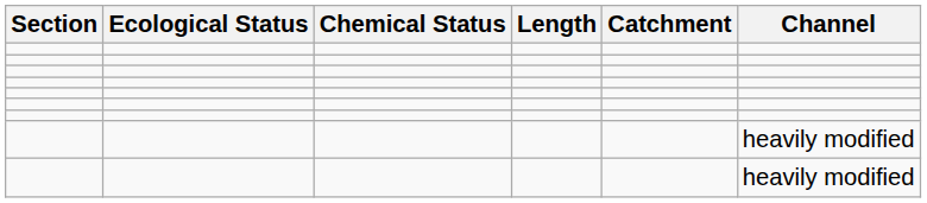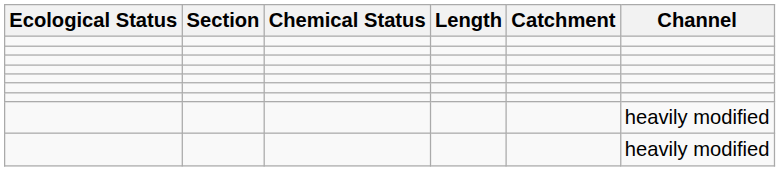 <table class="wikitable">
 <tr>
+<th>Ecological Status</th>
 <th>Section</th>
-<th>Ecological Status</th>
 <th>Chemical Status</th>
 <th>Length</th>
 <th>Catchment</th>
 <th>Channel</th>
 </tr>
 <tr>
 <td></td>
 <td></td>
 <td></td>
 <td></td>
 <td></td>
 <td></td>
 </tr>
 <tr>
 <td></td>
 <td></td>
 <td></td>
 <td></td>
 <td></td>
 <td></td>
 </tr>
 <tr>
 <td></td>
 <td></td>
 <td></td>
 <td></td>
 <td></td>
 <td></td>
 </tr>
 <tr>
 <td></td>
 <td></td>
 <td></td>
 <td></td>
 <td></td>
 <td></td>
 </tr>
 <tr>
 <td></td>
 <td></td>
 <td></td>
 <td></td>
 <td></td>
 <td></td>
 </tr>
 <tr>
 <td></td>
 <td></td>
 <td></td>
 <td></td>
 <td></td>
 <td></td>
 </tr>
 <tr>
 <td></td>
 <td></td>
 <td></td>
 <td></td>
 <td></td>
 <td></td>
 </tr>
 <tr>
 <td></td>
 <td></td>
 <td></td>
 <td></td>
 <td></td>
 <td>heavily modified</td>
 </tr>
 <tr>
 <td></td>
 <td></td>
 <td></td>
 <td></td>
 <td></td>
 <td>heavily modified</td>
 </tr>
 </table>
